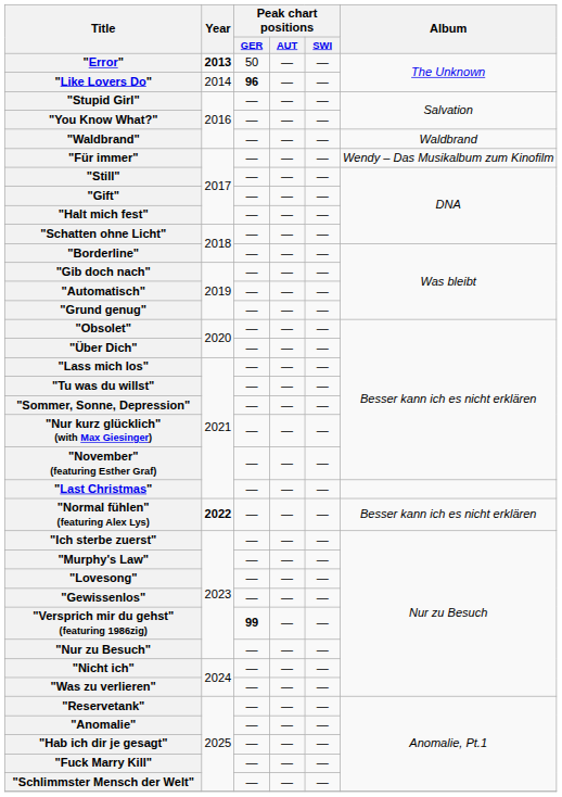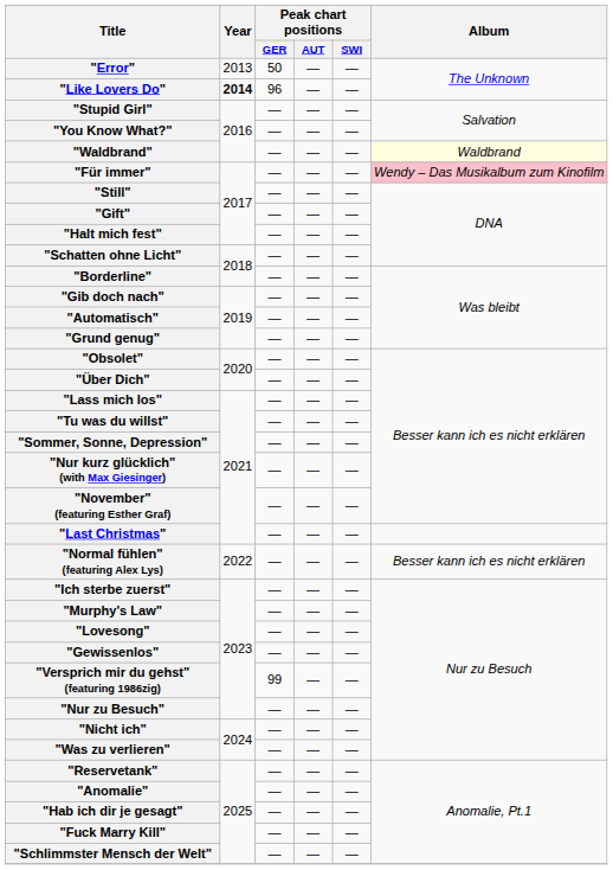 <table class="wikitable plainrowheaders" style="text-align:center;">
 <tr>
 <th scope="col" rowspan="2" style="width:16em;">Title</th>
 <th scope="col" rowspan="2">Year</th>
 <th scope="col" colspan="3">Peak chart positions</th>
 <th scope="col" rowspan="2">Album</th>
 </tr>
 <tr>
 <th style="width:3em;font-size:85%"><a href='#'>GER</a><br></th>
 <th style="width:3em;font-size:85%"><a href='#'>AUT</a><br></th>
 <th style="width:3em;font-size:85%"><a href='#'>SWI</a><br></th>
 </tr>
 <tr>
 <th scope="row">"<a href='#'>Error</a>"</th>
-<td><strong>2013</strong></td>
+<td>2013</td>
 <td>50</td>
 <td>—</td>
 <td>—</td>
 <td rowspan="2"><em><a href='#'>The Unknown</a></em></td>
 </tr>
 <tr>
 <th scope="row">"<a href='#'>Like Lovers Do</a>"</th>
-<td>2014</td>
-<td><strong>96</strong></td>
+<td><strong>2014</strong></td>
+<td>96</td>
 <td>—</td>
 <td>—</td>
 </tr>
 <tr>
 <th scope="row">"Stupid Girl"</th>
 <td rowspan="3">2016</td>
 <td>—</td>
 <td>—</td>
 <td>—</td>
 <td rowspan="2"><em>Salvation</em></td>
 </tr>
 <tr>
 <th scope="row">"You Know What?"</th>
 <td>—</td>
 <td>—</td>
 <td>—</td>
 </tr>
 <tr>
 <th scope="row">"Waldbrand"</th>
 <td>—</td>
 <td>—</td>
 <td>—</td>
-<td><em>Waldbrand</em></td>
+<td style="background: lightyellow;"><em>Waldbrand</em></td>
 </tr>
 <tr>
 <th scope="row">"Für immer"</th>
 <td rowspan="4">2017</td>
 <td>—</td>
 <td>—</td>
 <td>—</td>
-<td><em>Wendy – Das Musikalbum zum Kinofilm</em></td>
+<td style="background: pink;"><em>Wendy – Das Musikalbum zum Kinofilm</em></td>
 </tr>
 <tr>
 <th scope="row">"Still"</th>
 <td>—</td>
 <td>—</td>
 <td>—</td>
 <td rowspan="4"><em>DNA</em></td>
 </tr>
 <tr>
 <th scope="row">"Gift"</th>
 <td>—</td>
 <td>—</td>
 <td>—</td>
 </tr>
 <tr>
 <th scope="row">"Halt mich fest"</th>
 <td>—</td>
 <td>—</td>
 <td>—</td>
 </tr>
 <tr>
 <th scope="row">"Schatten ohne Licht"</th>
 <td rowspan="2">2018</td>
 <td>—</td>
 <td>—</td>
 <td>—</td>
 </tr>
 <tr>
 <th scope="row">"Borderline"</th>
 <td>—</td>
 <td>—</td>
 <td>—</td>
 <td rowspan="4"><em>Was bleibt</em></td>
 </tr>
 <tr>
 <th scope="row">"Gib doch nach"</th>
 <td rowspan="3">2019</td>
 <td>—</td>
 <td>—</td>
 <td>—</td>
 </tr>
 <tr>
 <th scope="row">"Automatisch"</th>
 <td>—</td>
 <td>—</td>
 <td>—</td>
 </tr>
 <tr>
 <th scope="row">"Grund genug"</th>
 <td>—</td>
 <td>—</td>
 <td>—</td>
 </tr>
 <tr>
 <th scope="row">"Obsolet"</th>
 <td rowspan="2">2020</td>
 <td>—</td>
 <td>—</td>
 <td>—</td>
 <td rowspan="7"><em>Besser kann ich es nicht erklären</em></td>
 </tr>
 <tr>
 <th scope="row">"Über Dich"</th>
 <td>—</td>
 <td>—</td>
 <td>—</td>
 </tr>
 <tr>
 <th scope="row">"Lass mich los"</th>
 <td rowspan="6">2021</td>
 <td>—</td>
 <td>—</td>
 <td>—</td>
 </tr>
 <tr>
 <th scope="row">"Tu was du willst"</th>
 <td>—</td>
 <td>—</td>
 <td>—</td>
 </tr>
 <tr>
 <th scope="row">"Sommer, Sonne, Depression"</th>
 <td>—</td>
 <td>—</td>
 <td>—</td>
 </tr>
 <tr>
 <th scope="row">"Nur kurz glücklich"<br><small>(with <a href='#'>Max Giesinger</a>)</small></th>
 <td>—</td>
 <td>—</td>
 <td>—</td>
 </tr>
 <tr>
 <th scope="row">"November"<br><small>(featuring Esther Graf)</small></th>
 <td>—</td>
 <td>—</td>
 <td>—</td>
 </tr>
 <tr>
 <th scope="row">"<a href='#'>Last Christmas</a>"</th>
 <td>—</td>
 <td>—</td>
 <td>—</td>
 <td></td>
 </tr>
 <tr>
 <th scope="row">"Normal fühlen"<br><small>(featuring Alex Lys)</small></th>
-<td><strong>2022</strong></td>
+<td>2022</td>
 <td>—</td>
 <td>—</td>
 <td>—</td>
 <td><em>Besser kann ich es nicht erklären</em></td>
 </tr>
 <tr>
 <th scope="row">"Ich sterbe zuerst"</th>
 <td rowspan="6">2023</td>
 <td>—</td>
 <td>—</td>
 <td>—</td>
 <td rowspan="8"><em>Nur zu Besuch</em></td>
 </tr>
 <tr>
 <th scope="row">"Murphy's Law"</th>
 <td>—</td>
 <td>—</td>
 <td>—</td>
 </tr>
 <tr>
 <th scope="row">"Lovesong"</th>
 <td>—</td>
 <td>—</td>
 <td>—</td>
 </tr>
 <tr>
 <th scope="row">"Gewissenlos"</th>
 <td>—</td>
 <td>—</td>
 <td>—</td>
 </tr>
 <tr>
 <th scope="row">"Versprich mir du gehst"<br><small>(featuring 1986zig)</small></th>
-<td><strong>99</strong></td>
+<td>99</td>
 <td>—</td>
 <td>—</td>
 </tr>
 <tr>
 <th scope="row">"Nur zu Besuch"</th>
 <td>—</td>
 <td>—</td>
 <td>—</td>
 </tr>
 <tr>
 <th scope="row">"Nicht ich"</th>
 <td rowspan="2">2024</td>
 <td>—</td>
 <td>—</td>
 <td>—</td>
 </tr>
 <tr>
 <th scope="row">"Was zu verlieren"</th>
 <td>—</td>
 <td>—</td>
 <td>—</td>
 </tr>
 <tr>
 <th scope="row">"Reservetank"</th>
 <td rowspan="5">2025</td>
 <td>—</td>
 <td>—</td>
 <td>—</td>
 <td rowspan="5"><em>Anomalie, Pt.1</em></td>
 </tr>
 <tr>
 <th scope="row">"Anomalie"</th>
 <td>—</td>
 <td>—</td>
 <td>—</td>
 </tr>
 <tr>
 <th scope="row">"Hab ich dir je gesagt"</th>
 <td>—</td>
 <td>—</td>
 <td>—</td>
 </tr>
 <tr>
 <th scope="row">"Fuck Marry Kill"</th>
 <td>—</td>
 <td>—</td>
 <td>—</td>
 </tr>
 <tr>
 <th scope="row">"Schlimmster Mensch der Welt"</th>
 <td>—</td>
 <td>—</td>
 <td>—</td>
 </tr>
 <tr>
 </tr>
 </table>
